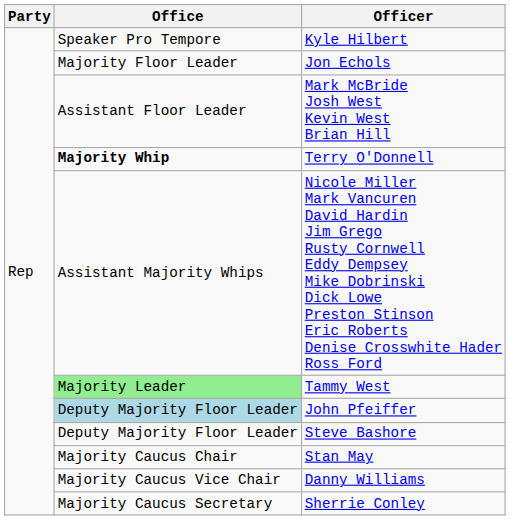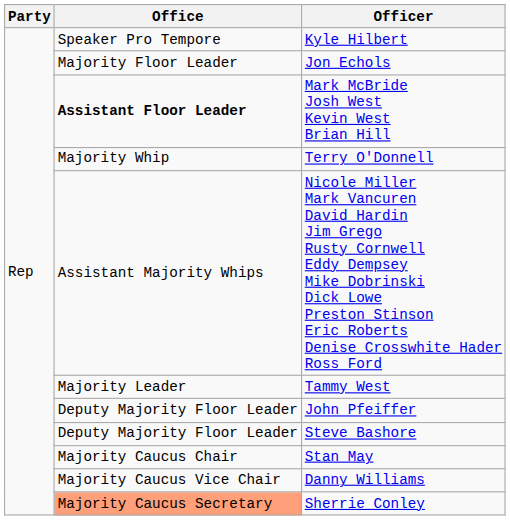 <table class=wikitable>
 <tr>
 <th>Party</th>
 <th>Office</th>
 <th>Officer</th>
 </tr>
 <tr>
 <td rowspan=14 style="background: ">Rep</td>
 <td>Speaker Pro Tempore</td>
 <td><a href='#'>Kyle Hilbert</a></td>
 </tr>
 <tr>
 <td>Majority Floor Leader</td>
 <td><a href='#'>Jon Echols</a></td>
 </tr>
 <tr>
-<td>Assistant Floor Leader</td>
+<td><strong>Assistant Floor Leader</strong></td>
 <td><a href='#'>Mark McBride</a><br><a href='#'>Josh West</a><br><a href='#'>Kevin West</a><br><a href='#'>Brian Hill</a></td>
 </tr>
 <tr>
-<td><strong>Majority Whip</strong></td>
+<td>Majority Whip</td>
 <td><a href='#'>Terry O'Donnell</a></td>
 </tr>
 <tr>
 <td>Assistant Majority Whips</td>
 <td><a href='#'>Nicole Miller</a><br><a href='#'>Mark Vancuren</a><br><a href='#'>David Hardin</a><br><a href='#'>Jim Grego</a><br><a href='#'>Rusty Cornwell</a><br><a href='#'>Eddy Dempsey</a><br><a href='#'>Mike Dobrinski</a><br><a href='#'>Dick Lowe</a><br><a href='#'>Preston Stinson</a><br><a href='#'>Eric Roberts</a><br><a href='#'>Denise Crosswhite Hader</a><br><a href='#'>Ross Ford</a></td>
 </tr>
 <tr>
-<td style="background: lightgreen;">Majority Leader</td>
+<td>Majority Leader</td>
 <td><a href='#'>Tammy West</a></td>
 </tr>
 <tr>
-<td style="background: lightblue;">Deputy Majority Floor Leader</td>
+<td>Deputy Majority Floor Leader</td>
 <td><a href='#'>John Pfeiffer</a></td>
 </tr>
 <tr>
 <td>Deputy Majority Floor Leader</td>
 <td><a href='#'>Steve Bashore</a></td>
 </tr>
 <tr>
 <td>Majority Caucus Chair</td>
 <td><a href='#'>Stan May</a></td>
 </tr>
 <tr>
 <td>Majority Caucus Vice Chair</td>
 <td><a href='#'>Danny Williams</a></td>
 </tr>
 <tr>
-<td>Majority Caucus Secretary</td>
+<td style="background: lightsalmon;">Majority Caucus Secretary</td>
 <td><a href='#'>Sherrie Conley</a></td>
 </tr>
 </table>
